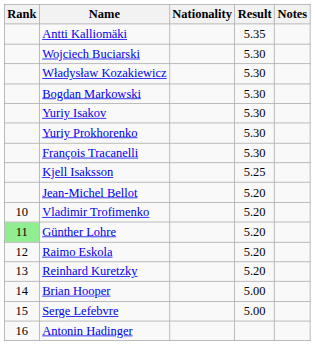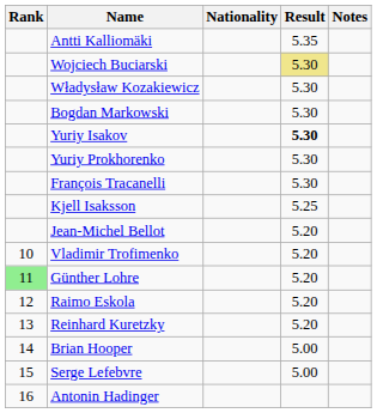 <table class="wikitable sortable" style="text-align:center">
 <tr>
 <th>Rank</th>
 <th>Name</th>
 <th>Nationality</th>
 <th>Result</th>
 <th>Notes</th>
 </tr>
 <tr>
 <td></td>
 <td align="left"><a href='#'>Antti Kalliomäki</a></td>
 <td align=left></td>
 <td>5.35</td>
 <td></td>
 </tr>
 <tr>
 <td></td>
 <td align="left"><a href='#'>Wojciech Buciarski</a></td>
 <td align=left></td>
-<td>5.30</td>
+<td style="background: khaki;">5.30</td>
 <td></td>
 </tr>
 <tr>
 <td></td>
 <td align="left"><a href='#'>Władysław Kozakiewicz</a></td>
 <td align=left></td>
 <td>5.30</td>
 <td></td>
 </tr>
 <tr>
 <td></td>
 <td align="left"><a href='#'>Bogdan Markowski</a></td>
 <td align=left></td>
 <td>5.30</td>
 <td></td>
 </tr>
 <tr>
 <td></td>
 <td align="left"><a href='#'>Yuriy Isakov</a></td>
 <td align=left></td>
-<td>5.30</td>
+<td><strong>5.30</strong></td>
 <td></td>
 </tr>
 <tr>
 <td></td>
 <td align="left"><a href='#'>Yuriy Prokhorenko</a></td>
 <td align=left></td>
 <td>5.30</td>
 <td></td>
 </tr>
 <tr>
 <td></td>
 <td align="left"><a href='#'>François Tracanelli</a></td>
 <td align=left></td>
 <td>5.30</td>
 <td></td>
 </tr>
 <tr>
 <td></td>
 <td align="left"><a href='#'>Kjell Isaksson</a></td>
 <td align=left></td>
 <td>5.25</td>
 <td></td>
 </tr>
 <tr>
 <td></td>
 <td align="left"><a href='#'>Jean-Michel Bellot</a></td>
 <td align=left></td>
 <td>5.20</td>
 <td></td>
 </tr>
 <tr>
 <td>10</td>
 <td align="left"><a href='#'>Vladimir Trofimenko</a></td>
 <td align=left></td>
 <td>5.20</td>
 <td></td>
 </tr>
 <tr>
 <td style="background: lightgreen;">11</td>
 <td align="left"><a href='#'>Günther Lohre</a></td>
 <td align=left></td>
 <td>5.20</td>
 <td></td>
 </tr>
 <tr>
 <td>12</td>
 <td align="left"><a href='#'>Raimo Eskola</a></td>
 <td align=left></td>
 <td>5.20</td>
 <td></td>
 </tr>
 <tr>
 <td>13</td>
 <td align="left"><a href='#'>Reinhard Kuretzky</a></td>
 <td align=left></td>
 <td>5.20</td>
 <td></td>
 </tr>
 <tr>
 <td>14</td>
 <td align="left"><a href='#'>Brian Hooper</a></td>
 <td align=left></td>
 <td>5.00</td>
 <td></td>
 </tr>
 <tr>
 <td>15</td>
 <td align="left"><a href='#'>Serge Lefebvre</a></td>
 <td align=left></td>
 <td>5.00</td>
 <td></td>
 </tr>
 <tr>
 <td>16</td>
 <td align="left"><a href='#'>Antonin Hadinger</a></td>
 <td align=left></td>
 <td 4.90></td>
 </tr>
 </table>
